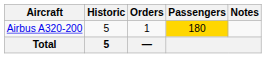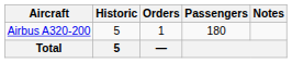 <table class="wikitable" style="margin:1em auto; border-collapse:collapse;text-align:center">
 <tr>
 <th>Aircraft</th>
 <th>Historic</th>
 <th>Orders</th>
 <th>Passengers</th>
 <th>Notes</th>
 </tr>
 <tr>
 <td><a href='#'>Airbus A320-200</a></td>
 <td>5</td>
 <td>1</td>
-<td style="background: gold;">180</td>
+<td>180</td>
 <td></td>
 </tr>
 <tr>
 <th>Total</th>
 <th>5</th>
 <th>—</th>
 <th colspan="2"></th>
 </tr>
 </table>
